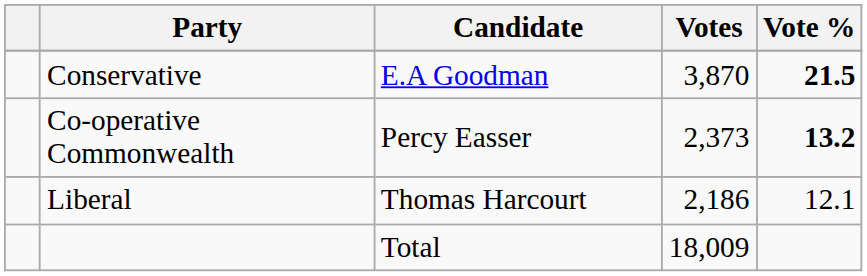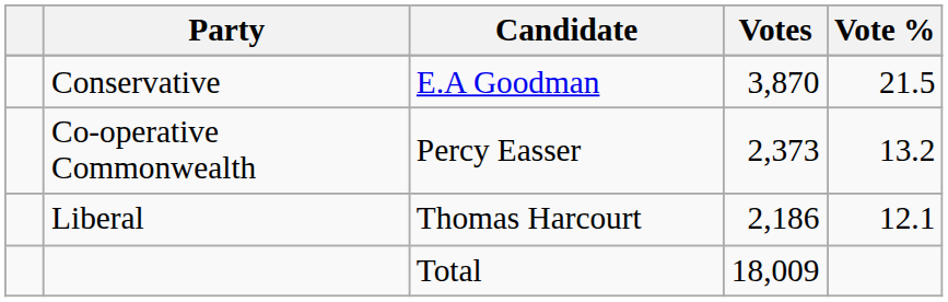 <table class="wikitable">
 <tr>
 <th></th>
 <th scope="col" width="175">Party</th>
 <th scope="col" width="150">Candidate</th>
 <th>Votes</th>
 <th>Vote %</th>
 </tr>
 <tr>
 </tr>
 <tr>
 <td>   </td>
 <td>Conservative</td>
 <td><a href='#'>E.A Goodman</a></td>
 <td align=right>3,870</td>
-<td align=right><strong>21.5</strong></td>
+<td align=right>21.5</td>
 </tr>
 <tr>
 <td>   </td>
 <td>Co-operative Commonwealth</td>
 <td>Percy Easser</td>
 <td align=right>2,373</td>
-<td align=right><strong>13.2</strong></td>
+<td align=right>13.2</td>
 </tr>
 <tr>
 <td>   </td>
 <td>Liberal</td>
 <td>Thomas Harcourt</td>
 <td align=right>2,186</td>
 <td align=right>12.1</td>
 </tr>
 <tr>
 <td></td>
 <td></td>
 <td>Total</td>
 <td align=right>18,009</td>
 <td></td>
 </tr>
 </table>
